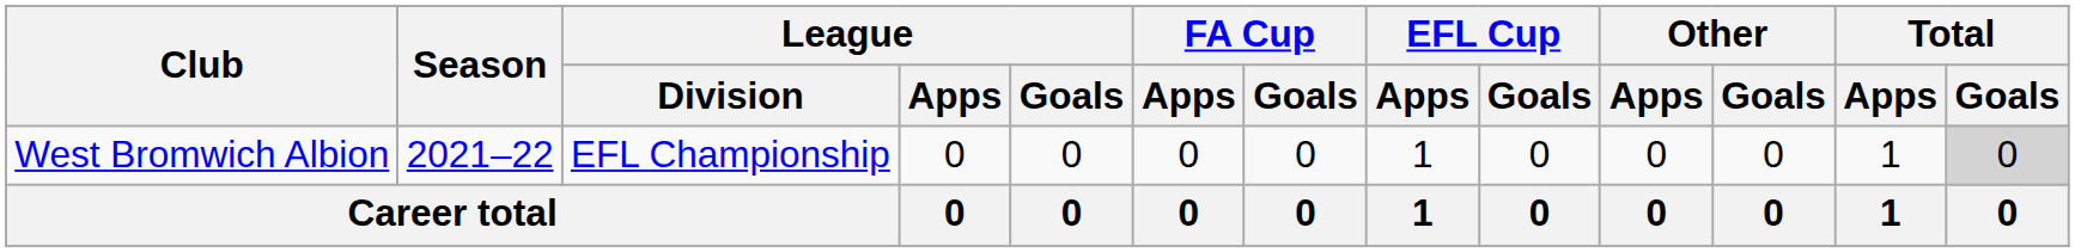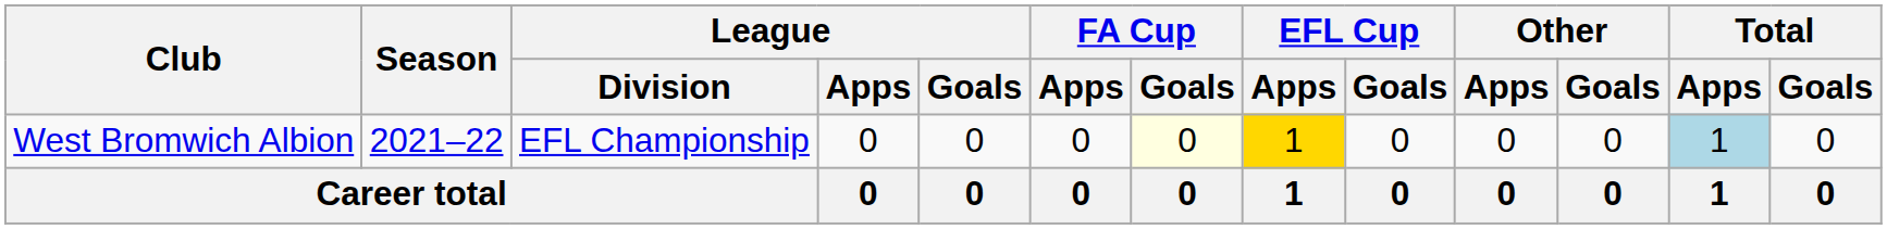 <table class="wikitable" style="text-align:center">
 <tr>
 <th rowspan="2">Club</th>
 <th rowspan="2">Season</th>
 <th colspan="3">League</th>
 <th colspan="2"><a href='#'>FA Cup</a></th>
 <th colspan="2"><a href='#'>EFL Cup</a></th>
 <th colspan="2">Other</th>
 <th colspan="2">Total</th>
 </tr>
 <tr>
 <th>Division</th>
 <th>Apps</th>
 <th>Goals</th>
 <th>Apps</th>
 <th>Goals</th>
 <th>Apps</th>
 <th>Goals</th>
 <th>Apps</th>
 <th>Goals</th>
 <th>Apps</th>
 <th>Goals</th>
 </tr>
 <tr>
 <td><a href='#'>West Bromwich Albion</a></td>
 <td><a href='#'>2021–22</a></td>
 <td><a href='#'>EFL Championship</a></td>
 <td>0</td>
 <td>0</td>
 <td>0</td>
-<td>0</td>
-<td>1</td>
+<td style="background: lightyellow;">0</td>
+<td style="background: gold;">1</td>
 <td>0</td>
 <td>0</td>
 <td>0</td>
-<td>1</td>
-<td style="background: lightgrey;">0</td>
+<td style="background: lightblue;">1</td>
+<td>0</td>
 </tr>
 <tr>
 <th colspan="3">Career total</th>
 <th>0</th>
 <th>0</th>
 <th>0</th>
 <th>0</th>
 <th>1</th>
 <th>0</th>
 <th>0</th>
 <th>0</th>
 <th>1</th>
 <th>0</th>
 </tr>
 </table>
